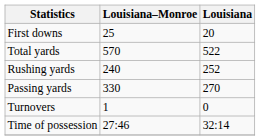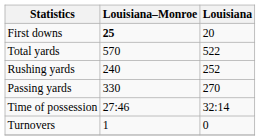 <table class="wikitable" style="float: right;">
 <tr>
 <th>Statistics</th>
 <th>Louisiana–Monroe</th>
 <th>Louisiana</th>
 </tr>
 <tr>
 <td>First downs</td>
-<td>25</td>
+<td><strong>25</strong></td>
 <td>20</td>
 </tr>
 <tr>
 <td>Total yards</td>
 <td>570</td>
 <td>522</td>
 </tr>
 <tr>
 <td>Rushing yards</td>
 <td>240</td>
 <td>252</td>
 </tr>
 <tr>
 <td>Passing yards</td>
 <td>330</td>
 <td>270</td>
 </tr>
 <tr>
+<td>Time of possession</td>
+<td>27:46</td>
+<td>32:14</td>
+</tr>
+<tr>
 <td>Turnovers</td>
 <td>1</td>
 <td>0</td>
 </tr>
 <tr>
-<td>Time of possession</td>
-<td>27:46</td>
-<td>32:14</td>
-</tr>
-<tr>
 </tr>
 </table>
